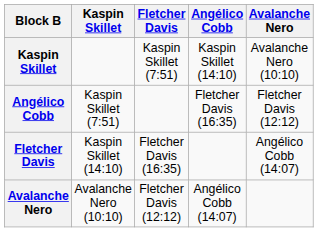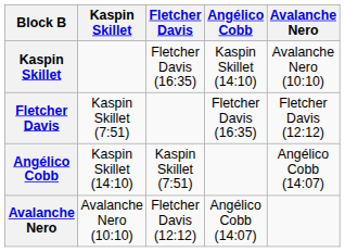 <table class="wikitable" style="text-align:center; margin: 1em auto 1em auto">
 <tr>
 <th>Block B</th>
 <th>Kaspin<br><a href='#'>Skillet</a></th>
 <th><a href='#'>Fletcher</a><br><a href='#'>Davis</a></th>
 <th><a href='#'>Angélico</a><br><a href='#'>Cobb</a></th>
 <th><a href='#'>Avalanche</a><br>Nero</th>
 </tr>
 <tr>
 <th>Kaspin<br><a href='#'>Skillet</a></th>
 <td></td>
-<td>Kaspin<br>Skillet<br>(7:51)</td>
+<td>Fletcher<br>Davis<br>(16:35)</td>
 <td>Kaspin<br>Skillet<br>(14:10)</td>
 <td>Avalanche<br>Nero<br>(10:10)</td>
 </tr>
 <tr>
-<th><a href='#'>Angélico</a><br><a href='#'>Cobb</a></th>
+<th><a href='#'>Fletcher</a><br><a href='#'>Davis</a></th>
 <td>Kaspin<br>Skillet<br>(7:51)</td>
 <td></td>
 <td>Fletcher<br>Davis<br>(16:35)</td>
 <td>Fletcher<br>Davis<br>(12:12)</td>
 </tr>
 <tr>
-<th><a href='#'>Fletcher</a><br><a href='#'>Davis</a></th>
+<th><a href='#'>Angélico</a><br><a href='#'>Cobb</a></th>
 <td>Kaspin<br>Skillet<br>(14:10)</td>
-<td>Fletcher<br>Davis<br>(16:35)</td>
+<td>Kaspin<br>Skillet<br>(7:51)</td>
 <td></td>
 <td>Angélico<br>Cobb<br>(14:07)</td>
 </tr>
 <tr>
 <th><a href='#'>Avalanche</a><br>Nero</th>
 <td>Avalanche<br>Nero<br>(10:10)</td>
 <td>Fletcher<br>Davis<br>(12:12)</td>
 <td>Angélico<br>Cobb<br>(14:07)</td>
 <td></td>
 </tr>
 </table>
